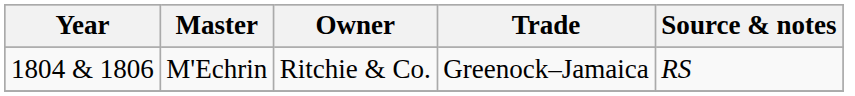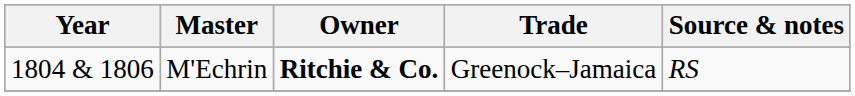 <table class=" wikitable">
 <tr>
 <th>Year</th>
 <th>Master</th>
 <th>Owner</th>
 <th>Trade</th>
 <th>Source & notes</th>
 </tr>
 <tr>
 <td>1804 & 1806</td>
 <td>M'Echrin</td>
-<td>Ritchie & Co.</td>
+<td><strong>Ritchie & Co.</strong></td>
 <td>Greenock–Jamaica</td>
 <td><em>RS</em></td>
 </tr>
 <tr>
 </tr>
 </table>
